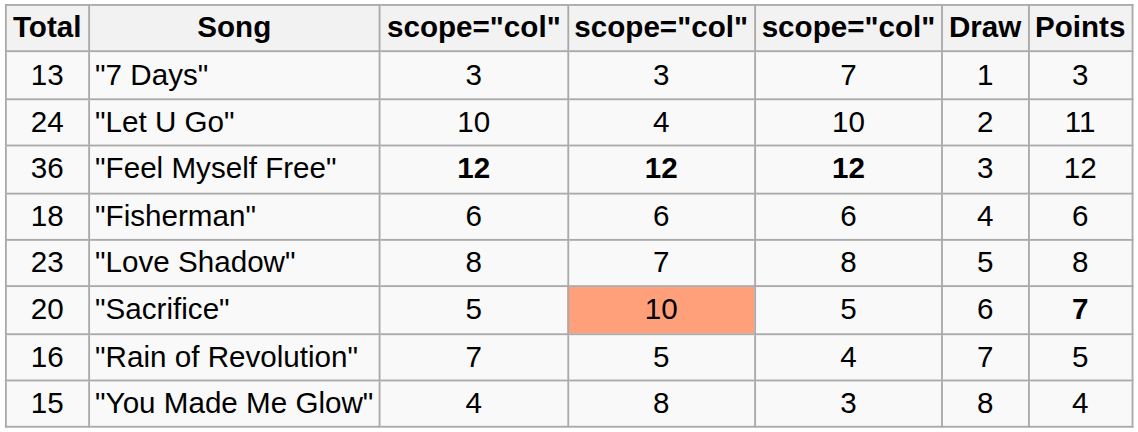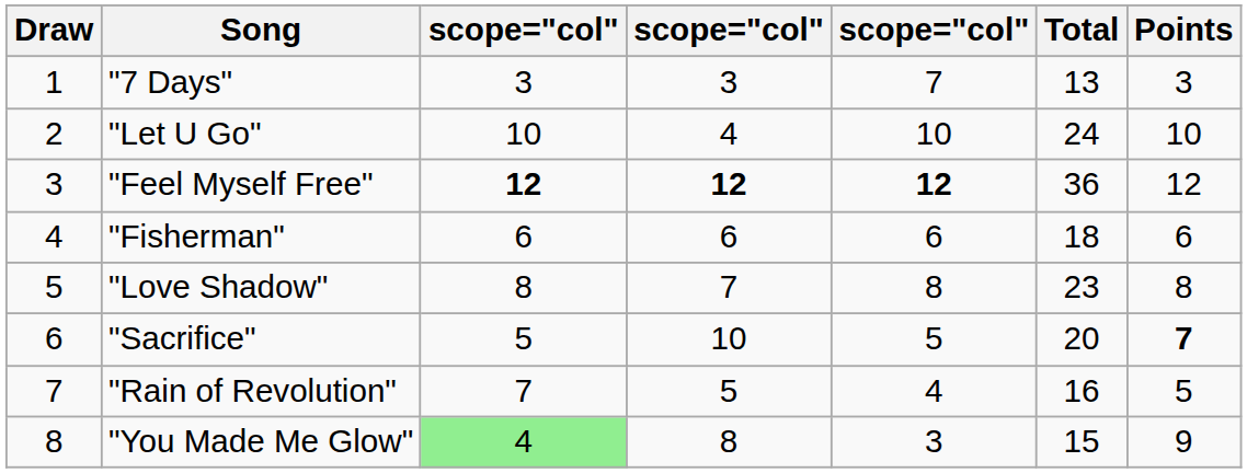 <table class="wikitable collapsible" style="margin: 1em auto 1em auto; text-align:center">
 <tr>
-<th>Total</th>
+<th>Draw</th>
 <th>Song</th>
 <th>scope="col" </th>
 <th>scope="col" </th>
 <th>scope="col" </th>
-<th>Draw</th>
+<th>Total</th>
 <th>Points</th>
 </tr>
 <tr>
-<td>13</td>
+<td>1</td>
 <td align="left">"7 Days"</td>
 <td>3</td>
 <td>3</td>
 <td>7</td>
-<td>1</td>
+<td>13</td>
 <td>3</td>
 </tr>
 <tr>
-<td>24</td>
+<td>2</td>
 <td align="left">"Let U Go"</td>
 <td>10</td>
 <td>4</td>
 <td>10</td>
-<td>2</td>
-<td>11</td>
+<td>24</td>
+<td>10</td>
 </tr>
 <tr>
-<td>36</td>
+<td>3</td>
 <td align="left">"Feel Myself Free"</td>
 <td><strong>12</strong></td>
 <td><strong>12</strong></td>
 <td><strong>12</strong></td>
-<td>3</td>
+<td>36</td>
 <td>12</td>
 </tr>
 <tr>
-<td>18</td>
+<td>4</td>
 <td align="left">"Fisherman"</td>
 <td>6</td>
 <td>6</td>
 <td>6</td>
-<td>4</td>
+<td>18</td>
 <td>6</td>
 </tr>
 <tr>
-<td>23</td>
+<td>5</td>
 <td align="left">"Love Shadow"</td>
 <td>8</td>
 <td>7</td>
 <td>8</td>
-<td>5</td>
+<td>23</td>
 <td>8</td>
 </tr>
 <tr>
-<td>20</td>
+<td>6</td>
 <td align="left">"Sacrifice"</td>
 <td>5</td>
-<td style="background: lightsalmon;">10</td>
+<td>10</td>
 <td>5</td>
-<td>6</td>
+<td>20</td>
 <td><strong>7</strong></td>
 </tr>
 <tr>
-<td>16</td>
+<td>7</td>
 <td align="left">"Rain of Revolution"</td>
 <td>7</td>
 <td>5</td>
 <td>4</td>
-<td>7</td>
+<td>16</td>
 <td>5</td>
 </tr>
 <tr>
-<td>15</td>
+<td>8</td>
 <td align="left">"You Made Me Glow"</td>
-<td>4</td>
+<td style="background: lightgreen;">4</td>
 <td>8</td>
 <td>3</td>
-<td>8</td>
-<td>4</td>
+<td>15</td>
+<td>9</td>
 </tr>
 </table>
